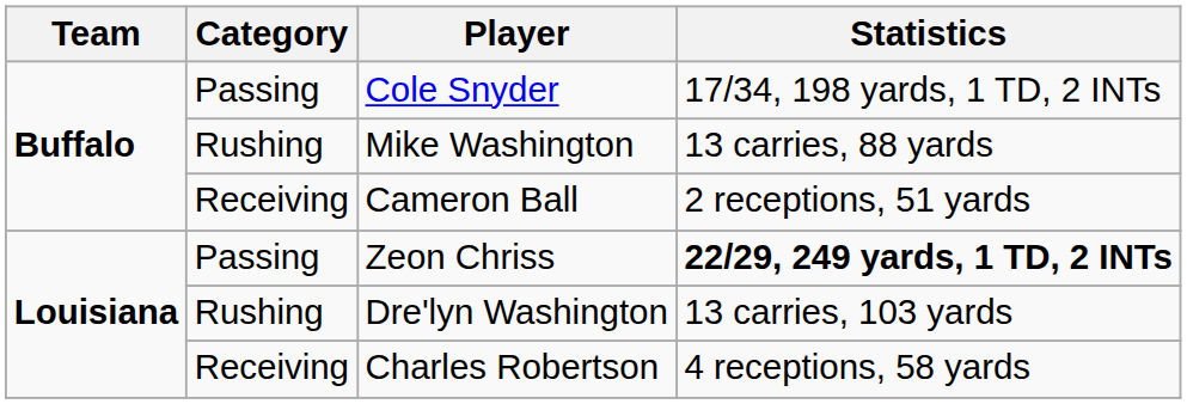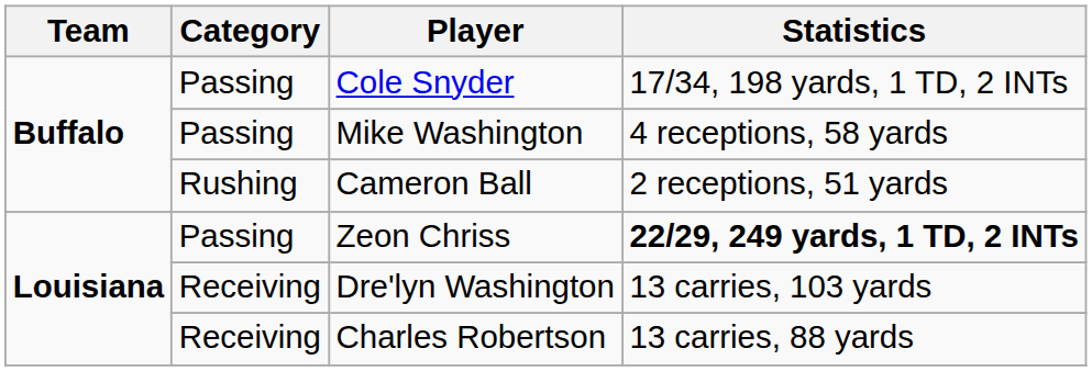 <table class="wikitable" style="float: left;">
 <tr>
 <th>Team</th>
 <th>Category</th>
 <th>Player</th>
 <th>Statistics</th>
 </tr>
 <tr>
 <td rowspan=3><strong>Buffalo</strong></td>
 <td>Passing</td>
 <td><a href='#'>Cole Snyder</a></td>
 <td>17/34, 198 yards, 1 TD, 2 INTs</td>
 </tr>
 <tr>
-<td>Rushing</td>
+<td>Passing</td>
 <td>Mike Washington</td>
-<td>13 carries, 88 yards</td>
+<td>4 receptions, 58 yards</td>
 </tr>
 <tr>
-<td>Receiving</td>
+<td>Rushing</td>
 <td>Cameron Ball</td>
 <td>2 receptions, 51 yards</td>
 </tr>
 <tr>
 <td rowspan=3><strong>Louisiana</strong></td>
 <td>Passing</td>
 <td>Zeon Chriss</td>
 <td><strong>22/29, 249 yards, 1 TD, 2 INTs</strong></td>
 </tr>
 <tr>
-<td>Rushing</td>
+<td>Receiving</td>
 <td>Dre'lyn Washington</td>
 <td>13 carries, 103 yards</td>
 </tr>
 <tr>
 <td>Receiving</td>
 <td>Charles Robertson</td>
-<td>4 receptions, 58 yards</td>
+<td>13 carries, 88 yards</td>
 </tr>
 </table>
